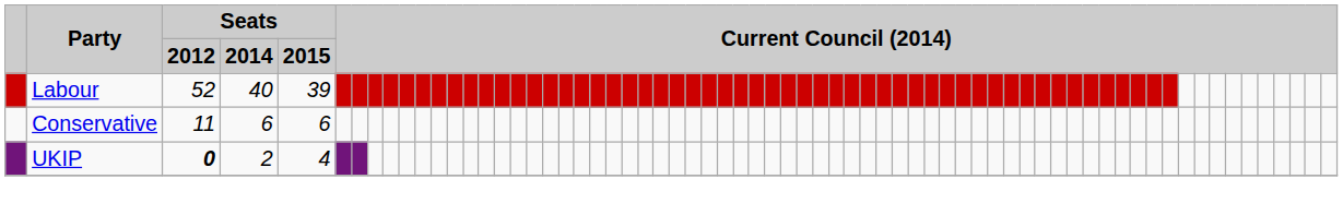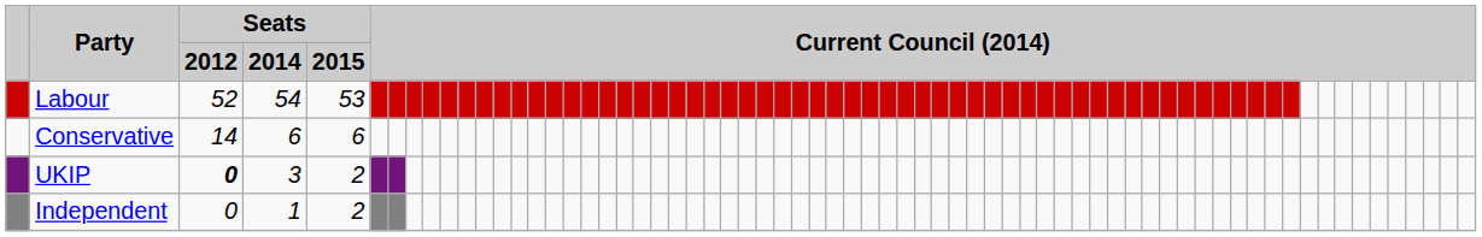 <table class="wikitable">
 <tr>
 <th style="background:#ccc" rowspan="2">  </th>
 <th style="background:#ccc" rowspan="2">Party</th>
 <th style="background:#ccc" colspan="3">Seats</th>
 <th style="background:#ccc" colspan="63" rowspan="2">Current Council (2014)</th>
 </tr>
 <tr>
 <th style="background:#ccc">2012</th>
 <th style="background:#ccc">2014</th>
 <th style="background:#ccc">2015</th>
 </tr>
 <tr>
 <td style="background:#c00"> </td>
 <td><a href='#'>Labour</a></td>
 <td style="text-align: right"><em>52</em></td>
-<td style="text-align: right"><em>40</em></td>
-<td style="text-align: right"><em>39</em></td>
+<td style="text-align: right"><em>54</em></td>
+<td style="text-align: right"><em>53</em></td>
 <td style="background:#c00"> </td>
 <td style="background:#c00"> </td>
 <td style="background:#c00"> </td>
 <td style="background:#c00"> </td>
 <td style="background:#c00"> </td>
 <td style="background:#c00"> </td>
 <td style="background:#c00"> </td>
 <td style="background:#c00"> </td>
 <td style="background:#c00"> </td>
 <td style="background:#c00"> </td>
 <td style="background:#c00"> </td>
 <td style="background:#c00"> </td>
 <td style="background:#c00"> </td>
 <td style="background:#c00"> </td>
 <td style="background:#c00"> </td>
 <td style="background:#c00"> </td>
 <td style="background:#c00"> </td>
 <td style="background:#c00"> </td>
 <td style="background:#c00"> </td>
 <td style="background:#c00"> </td>
 <td style="background:#c00"> </td>
 <td style="background:#c00"> </td>
 <td style="background:#c00"> </td>
 <td style="background:#c00"> </td>
 <td style="background:#c00"> </td>
 <td style="background:#c00"> </td>
 <td style="background:#c00"> </td>
 <td style="background:#c00"> </td>
 <td style="background:#c00"> </td>
 <td style="background:#c00"> </td>
 <td style="background:#c00"> </td>
 <td style="background:#c00"> </td>
 <td style="background:#c00"> </td>
 <td style="background:#c00"> </td>
 <td style="background:#c00"> </td>
 <td style="background:#c00"> </td>
 <td style="background:#c00"> </td>
 <td style="background:#c00"> </td>
 <td style="background:#c00"> </td>
 <td style="background:#c00"> </td>
 <td style="background:#c00"> </td>
 <td style="background:#c00"> </td>
 <td style="background:#c00"> </td>
 <td style="background:#c00"> </td>
 <td style="background:#c00"> </td>
 <td style="background:#c00"> </td>
 <td style="background:#c00"> </td>
 <td style="background:#c00"> </td>
 <td style="background:#c00"> </td>
 <td style="background:#c00"> </td>
 <td style="background:#c00"> </td>
 <td style="background:#c00"> </td>
 <td style="background:#c00"> </td>
 <td> </td>
 <td> </td>
 <td> </td>
 <td> </td>
 <td> </td>
 <td> </td>
 <td> </td>
 <td> </td>
 <td> </td>
 <td> </td>
 </tr>
 <tr>
 <td style="background: "> </td>
 <td><a href='#'>Conservative</a></td>
-<td style="text-align: right"><em>11</em></td>
+<td style="text-align: right"><em>14</em></td>
 <td style="text-align: right"><em>6</em></td>
 <td style="text-align: right"><em>6</em></td>
 <td style="background: "> </td>
 <td style="background: "> </td>
 <td style="background: "> </td>
 <td style="background: "> </td>
 <td style="background: "> </td>
 <td style="background: "> </td>
 <td> </td>
 <td> </td>
 <td> </td>
 <td> </td>
 <td> </td>
 <td> </td>
 <td> </td>
 <td> </td>
 <td> </td>
 <td> </td>
 <td> </td>
 <td> </td>
 <td> </td>
 <td> </td>
 <td> </td>
 <td> </td>
 <td> </td>
 <td> </td>
 <td> </td>
 <td> </td>
 <td> </td>
 <td> </td>
 <td> </td>
 <td> </td>
 <td> </td>
 <td> </td>
 <td> </td>
 <td> </td>
 <td> </td>
 <td> </td>
 <td> </td>
 <td> </td>
 <td> </td>
 <td> </td>
 <td> </td>
 <td> </td>
 <td> </td>
 <td> </td>
 <td> </td>
 <td> </td>
 <td> </td>
 <td> </td>
 <td> </td>
 <td> </td>
 <td> </td>
 <td> </td>
 <td> </td>
 <td> </td>
 <td> </td>
 <td> </td>
 <td> </td>
 <td> </td>
 <td> </td>
 <td> </td>
 <td> </td>
 <td> </td>
 <td> </td>
 </tr>
 <tr>
 <td style="background:#70147A"> </td>
 <td><a href='#'>UKIP</a></td>
 <td style="text-align: right"><strong><em>0</em></strong></td>
+<td style="text-align: right"><em>3</em></td>
 <td style="text-align: right"><em>2</em></td>
-<td style="text-align: right"><em>4</em></td>
 <td style="background:#70147A"> </td>
 <td style="background:#70147A"> </td>
 <td> </td>
 <td> </td>
 <td> </td>
 <td> </td>
 <td> </td>
 <td> </td>
 <td> </td>
 <td> </td>
 <td> </td>
 <td> </td>
 <td> </td>
 <td> </td>
 <td> </td>
 <td> </td>
 <td> </td>
 <td> </td>
 <td> </td>
 <td> </td>
 <td> </td>
 <td> </td>
 <td> </td>
 <td> </td>
 <td> </td>
 <td> </td>
 <td> </td>
 <td> </td>
 <td> </td>
 <td> </td>
 <td> </td>
 <td> </td>
 <td> </td>
 <td> </td>
 <td> </td>
 <td> </td>
 <td> </td>
 <td> </td>
 <td> </td>
 <td> </td>
 <td> </td>
 <td> </td>
 <td> </td>
 <td> </td>
 <td> </td>
 <td> </td>
 <td> </td>
 <td> </td>
 <td> </td>
 <td> </td>
 <td> </td>
 <td> </td>
 <td> </td>
 <td> </td>
 <td> </td>
 <td> </td>
 <td> </td>
 <td> </td>
 <td> </td>
 <td> </td>
 <td> </td>
 <td> </td>
 <td> </td>
 </tr>
 <tr>
+<td style="background:gray"> </td>
+<td><a href='#'>Independent</a></td>
+<td style="text-align: right"><em>0</em></td>
+<td style="text-align: right"><em>1</em></td>
+<td style="text-align: right"><em>2</em></td>
+<td style="background:gray"> </td>
+<td style="background:gray"> </td>
+<td> </td>
+<td> </td>
+<td> </td>
+<td> </td>
+<td> </td>
+<td> </td>
+<td> </td>
+<td> </td>
+<td> </td>
+<td> </td>
+<td> </td>
+<td> </td>
+<td> </td>
+<td> </td>
+<td> </td>
+<td> </td>
+<td> </td>
+<td> </td>
+<td> </td>
+<td> </td>
+<td> </td>
+<td> </td>
+<td> </td>
+<td> </td>
+<td> </td>
+<td> </td>
+<td> </td>
+<td> </td>
+<td> </td>
+<td> </td>
+<td> </td>
+<td> </td>
+<td> </td>
+<td> </td>
+<td> </td>
+<td> </td>
+<td> </td>
+<td> </td>
+<td> </td>
+<td> </td>
+<td> </td>
+<td> </td>
+<td> </td>
+<td> </td>
+<td> </td>
+<td> </td>
+<td> </td>
+<td> </td>
+<td> </td>
+<td> </td>
+<td> </td>
+<td> </td>
+<td> </td>
+<td> </td>
+<td> </td>
+<td> </td>
+<td> </td>
+<td> </td>
+<td> </td>
+<td> </td>
+<td> </td>
+</tr>
+<tr>
 </tr>
 </table>
